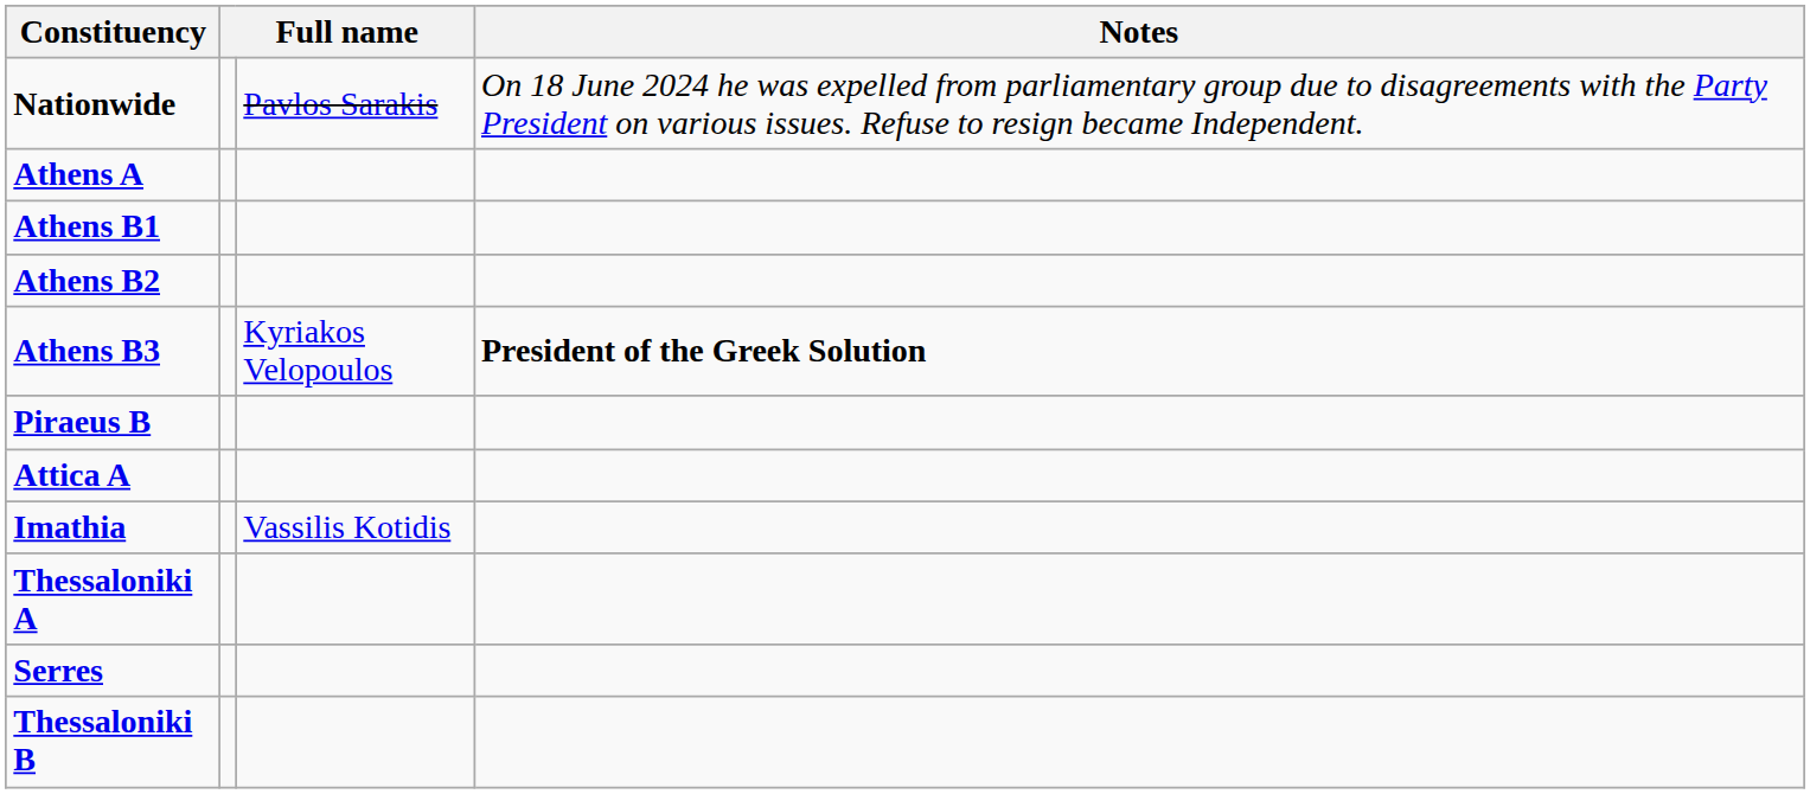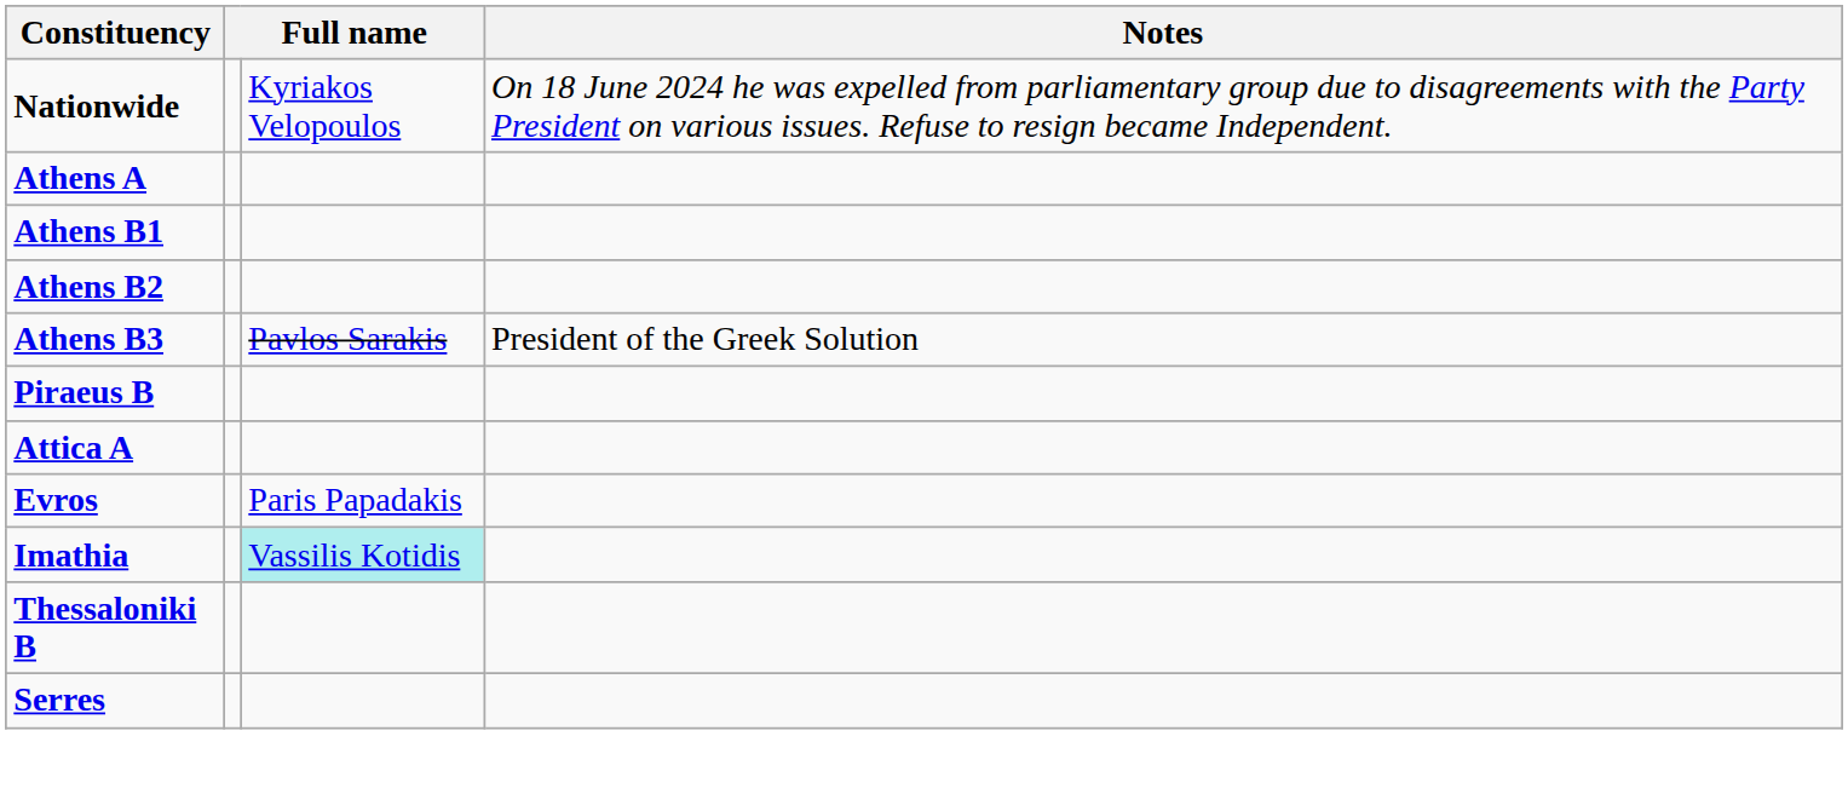 <table class="wikitable">
 <tr>
 <th>Constituency</th>
 <th colspan="2">Full name</th>
 <th>Notes</th>
 </tr>
 <tr>
 <td><strong>Nationwide</strong></td>
 <td></td>
-<td><s><a href='#'>Pavlos Sarakis</a></s></td>
+<td><a href='#'>Kyriakos Velopoulos</a></td>
 <td><em>On 18 June 2024 he was expelled from parliamentary group due to disagreements with the <a href='#'>Party President</a> on various issues. Refuse to resign became Independent.</em></td>
 </tr>
 <tr>
 <td><strong><a href='#'>Athens A</a></strong></td>
 <td></td>
 <td></td>
 <td></td>
 </tr>
 <tr>
 <td><strong><a href='#'>Athens B1</a></strong></td>
 <td></td>
 <td></td>
 <td></td>
 </tr>
 <tr>
 <td><strong><a href='#'>Athens B2</a></strong></td>
 <td></td>
 <td></td>
 <td></td>
 </tr>
 <tr>
 <td><strong><a href='#'>Athens B3</a></strong></td>
 <td></td>
-<td><a href='#'>Kyriakos Velopoulos</a></td>
-<td><strong>President of the Greek Solution</strong></td>
+<td><s><a href='#'>Pavlos Sarakis</a></s></td>
+<td>President of the Greek Solution</td>
 </tr>
 <tr>
 <td><strong><a href='#'>Piraeus B</a></strong></td>
 <td></td>
 <td></td>
 <td></td>
 </tr>
 <tr>
 <td><a href='#'><strong>Attica A</strong></a></td>
 <td></td>
 <td></td>
 <td></td>
 </tr>
 <tr>
-<td><a href='#'><strong>Imathia</strong></a></td>
+<td><a href='#'><strong>Evros</strong></a></td>
 <td></td>
-<td><a href='#'>Vassilis Kotidis</a></td>
+<td><a href='#'>Paris Papadakis</a></td>
 <td></td>
 </tr>
 <tr>
-<td><strong><a href='#'>Thessaloniki A</a></strong></td>
+<td><a href='#'><strong>Imathia</strong></a></td>
+<td></td>
+<td style="background: paleturquoise;"><a href='#'>Vassilis Kotidis</a></td>
+<td></td>
+</tr>
+<tr>
+<td><strong><a href='#'>Thessaloniki B</a></strong></td>
 <td></td>
 <td></td>
 <td></td>
 </tr>
 <tr>
 <td><strong><a href='#'>Serres</a></strong></td>
 <td></td>
 <td></td>
 <td></td>
 </tr>
-<tr>
-<td><strong><a href='#'>Thessaloniki B</a></strong></td>
-<td></td>
-<td></td>
-<td></td>
-</tr>
 </table>
